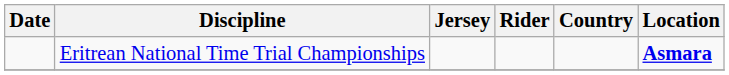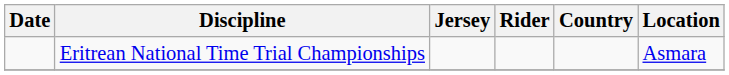 <table class="wikitable">
 <tr>
 <th>Date</th>
 <th>Discipline</th>
 <th>Jersey</th>
 <th>Rider</th>
 <th>Country</th>
 <th>Location</th>
 </tr>
 <tr>
 <td></td>
 <td><a href='#'>Eritrean National Time Trial Championships</a></td>
 <td></td>
 <td></td>
 <td></td>
-<td><strong><a href='#'>Asmara</a></strong></td>
+<td><a href='#'>Asmara</a></td>
 </tr>
 <tr>
 </tr>
 </table>
